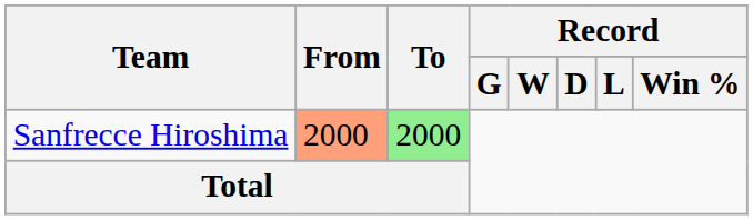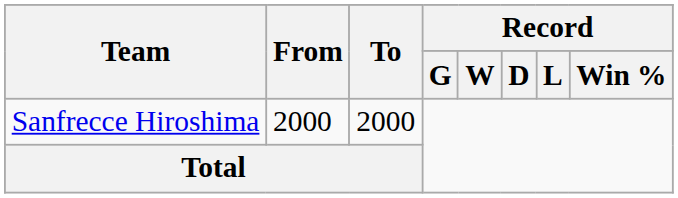 <table class="wikitable" style="text-align: center">
 <tr>
 <th rowspan="2">Team</th>
 <th rowspan="2">From</th>
 <th rowspan="2">To</th>
 <th colspan="5">Record</th>
 </tr>
 <tr>
 <th>G</th>
 <th>W</th>
 <th>D</th>
 <th>L</th>
 <th>Win %</th>
 </tr>
 <tr>
 <td align="left"><a href='#'>Sanfrecce Hiroshima</a></td>
-<td align="left" style="background: lightsalmon;">2000</td>
-<td align="left" style="background: lightgreen;">2000<br></td>
+<td align="left">2000</td>
+<td align="left">2000<br></td>
 </tr>
 <tr>
 <th colspan="3">Total<br></th>
 </tr>
 </table>
